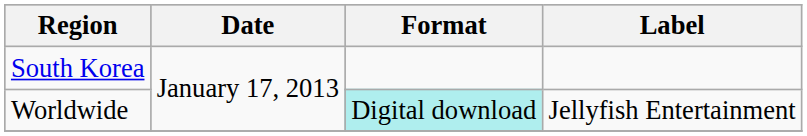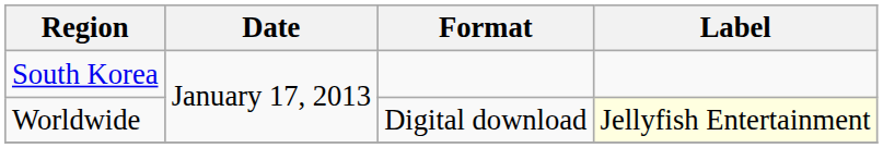 <table class = "wikitable">
 <tr>
 <th>Region</th>
 <th>Date</th>
 <th>Format</th>
 <th>Label</th>
 </tr>
 <tr>
 <td><a href='#'>South Korea</a></td>
 <td rowspan=2>January 17, 2013</td>
 <td></td>
 <td></td>
 </tr>
 <tr>
 <td>Worldwide</td>
-<td style="background: paleturquoise;">Digital download</td>
-<td>Jellyfish Entertainment</td>
+<td>Digital download</td>
+<td style="background: lightyellow;">Jellyfish Entertainment</td>
 </tr>
 <tr>
 </tr>
 </table>
